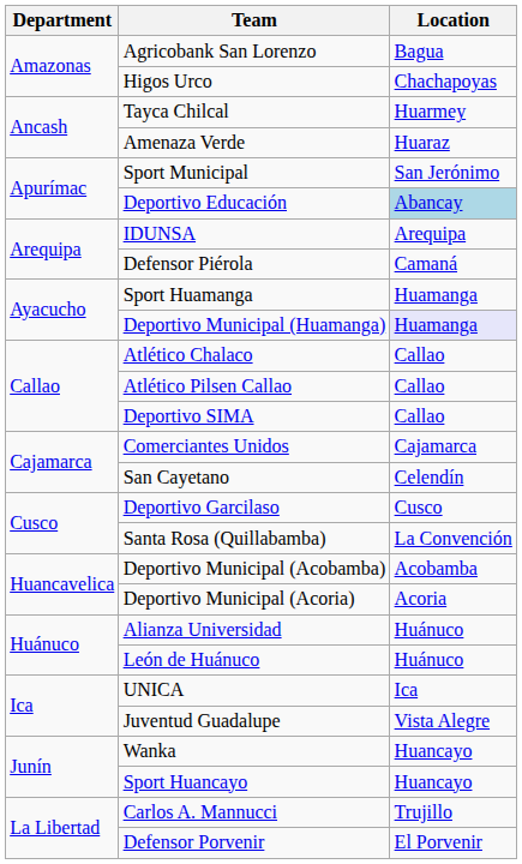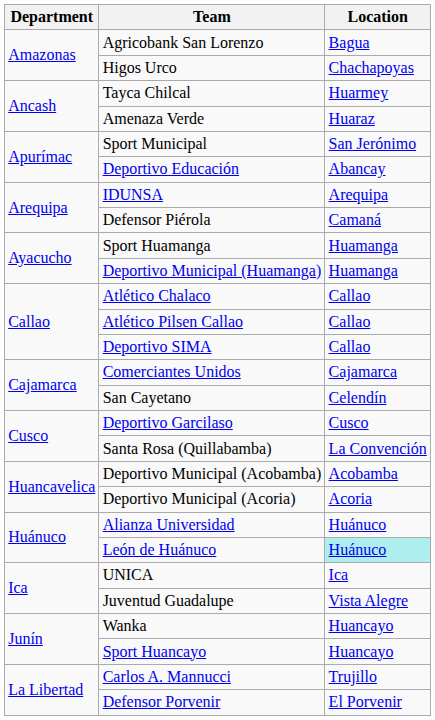 <table class="wikitable">
 <tr>
 <th>Department</th>
 <th>Team</th>
 <th>Location</th>
 </tr>
 <tr>
 <td rowspan="2"><a href='#'>Amazonas</a></td>
 <td>Agricobank San Lorenzo</td>
 <td><a href='#'>Bagua</a></td>
 </tr>
 <tr>
 <td>Higos Urco</td>
 <td><a href='#'>Chachapoyas</a></td>
 </tr>
 <tr>
 <td rowspan="2"><a href='#'>Ancash</a></td>
 <td>Tayca Chilcal</td>
 <td><a href='#'>Huarmey</a></td>
 </tr>
 <tr>
 <td>Amenaza Verde</td>
 <td><a href='#'>Huaraz</a></td>
 </tr>
 <tr>
 <td rowspan="2"><a href='#'>Apurímac</a></td>
 <td>Sport Municipal</td>
 <td><a href='#'>San Jerónimo</a></td>
 </tr>
 <tr>
 <td><a href='#'>Deportivo Educación</a></td>
-<td style="background: lightblue;"><a href='#'>Abancay</a></td>
+<td><a href='#'>Abancay</a></td>
 </tr>
 <tr>
 <td rowspan="2"><a href='#'>Arequipa</a></td>
 <td><a href='#'>IDUNSA</a></td>
 <td><a href='#'>Arequipa</a></td>
 </tr>
 <tr>
 <td>Defensor Piérola</td>
 <td><a href='#'>Camaná</a></td>
 </tr>
 <tr>
 <td rowspan="2"><a href='#'>Ayacucho</a></td>
 <td>Sport Huamanga</td>
 <td><a href='#'>Huamanga</a></td>
 </tr>
 <tr>
 <td><a href='#'>Deportivo Municipal (Huamanga)</a></td>
-<td style="background: lavender;"><a href='#'>Huamanga</a></td>
+<td><a href='#'>Huamanga</a></td>
 </tr>
 <tr>
 <td rowspan="3"><a href='#'>Callao</a></td>
 <td><a href='#'>Atlético Chalaco</a></td>
 <td><a href='#'>Callao</a></td>
 </tr>
 <tr>
 <td><a href='#'>Atlético Pilsen Callao</a></td>
 <td><a href='#'>Callao</a></td>
 </tr>
 <tr>
 <td><a href='#'>Deportivo SIMA</a></td>
 <td><a href='#'>Callao</a></td>
 </tr>
 <tr>
 <td rowspan="2"><a href='#'>Cajamarca</a></td>
 <td><a href='#'>Comerciantes Unidos</a></td>
 <td><a href='#'>Cajamarca</a></td>
 </tr>
 <tr>
 <td>San Cayetano</td>
 <td><a href='#'>Celendín</a></td>
 </tr>
 <tr>
 <td rowspan="2"><a href='#'>Cusco</a></td>
 <td><a href='#'>Deportivo Garcilaso</a></td>
 <td><a href='#'>Cusco</a></td>
 </tr>
 <tr>
 <td>Santa Rosa (Quillabamba)</td>
 <td><a href='#'>La Convención</a></td>
 </tr>
 <tr>
 <td rowspan="2"><a href='#'>Huancavelica</a></td>
 <td>Deportivo Municipal (Acobamba)</td>
 <td><a href='#'>Acobamba</a></td>
 </tr>
 <tr>
 <td>Deportivo Municipal (Acoria)</td>
 <td><a href='#'>Acoria</a></td>
 </tr>
 <tr>
 <td rowspan="2"><a href='#'>Huánuco</a></td>
 <td><a href='#'>Alianza Universidad</a></td>
 <td><a href='#'>Huánuco</a></td>
 </tr>
 <tr>
 <td><a href='#'>León de Huánuco</a></td>
-<td><a href='#'>Huánuco</a></td>
+<td style="background: paleturquoise;"><a href='#'>Huánuco</a></td>
 </tr>
 <tr>
 <td rowspan="2"><a href='#'>Ica</a></td>
 <td>UNICA</td>
 <td><a href='#'>Ica</a></td>
 </tr>
 <tr>
 <td>Juventud Guadalupe</td>
 <td><a href='#'>Vista Alegre</a></td>
 </tr>
 <tr>
 <td rowspan="2"><a href='#'>Junín</a></td>
 <td>Wanka</td>
 <td><a href='#'>Huancayo</a></td>
 </tr>
 <tr>
 <td><a href='#'>Sport Huancayo</a></td>
 <td><a href='#'>Huancayo</a></td>
 </tr>
 <tr>
 <td rowspan="2"><a href='#'>La Libertad</a></td>
 <td><a href='#'>Carlos A. Mannucci</a></td>
 <td><a href='#'>Trujillo</a></td>
 </tr>
 <tr>
 <td><a href='#'>Defensor Porvenir</a></td>
 <td><a href='#'>El Porvenir</a></td>
 </tr>
 </table>
